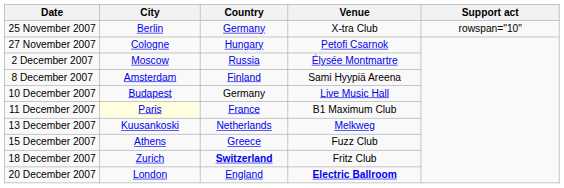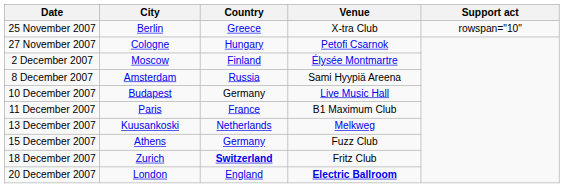 <table class="wikitable plainrowheaders" style="text-align:center;">
 <tr>
 <th scope="col" style="width:12em;">Date</th>
 <th scope="col" style="width:12em;">City</th>
 <th scope="col" style="width:10em;">Country</th>
 <th scope="col" style="width:18em;">Venue</th>
 <th scope="col" style="width:18em;">Support act</th>
 </tr>
 <tr>
 <td style="text-align:center">25 November 2007</td>
 <td style="text-align:center"><a href='#'>Berlin</a></td>
-<td style="text-align:center"><a href='#'>Germany</a></td>
+<td style="text-align:center"><a href='#'>Greece</a></td>
 <td style="text-align:center">X-tra Club</td>
 <td>rowspan="10" </td>
 </tr>
 <tr>
 <td style="text-align:center">27 November 2007</td>
 <td style="text-align:center"><a href='#'>Cologne</a></td>
 <td style="text-align:center"><a href='#'>Hungary</a></td>
 <td style="text-align:center"><a href='#'>Petofi Csarnok</a></td>
 </tr>
 <tr>
 <td style="text-align:center">2 December 2007</td>
 <td style="text-align:center"><a href='#'>Moscow</a></td>
-<td style="text-align:center"><a href='#'>Russia</a></td>
+<td style="text-align:center"><a href='#'>Finland</a></td>
 <td style="text-align:center"><a href='#'>Élysée Montmartre</a></td>
 </tr>
 <tr>
 <td style="text-align:center">8 December 2007</td>
 <td style="text-align:center"><a href='#'>Amsterdam</a></td>
-<td style="text-align:center"><a href='#'>Finland</a></td>
+<td style="text-align:center"><a href='#'>Russia</a></td>
 <td style="text-align:center">Sami Hyypiä Areena</td>
 </tr>
 <tr>
 <td style="text-align:center">10 December 2007</td>
 <td style="text-align:center"><a href='#'>Budapest</a></td>
 <td style="text-align:center">Germany</td>
 <td style="text-align:center"><a href='#'>Live Music Hall</a></td>
 </tr>
 <tr>
 <td style="text-align:center">11 December 2007</td>
-<td style="background: lightyellow; text-align:center"><a href='#'>Paris</a></td>
+<td style="text-align:center"><a href='#'>Paris</a></td>
 <td style="text-align:center"><a href='#'>France</a></td>
 <td style="text-align:center">B1 Maximum Club</td>
 </tr>
 <tr>
 <td style="text-align:center">13 December 2007</td>
 <td style="text-align:center"><a href='#'>Kuusankoski</a></td>
 <td style="text-align:center"><a href='#'>Netherlands</a></td>
 <td style="text-align:center"><a href='#'>Melkweg</a></td>
 </tr>
 <tr>
 <td style="text-align:center">15 December 2007</td>
 <td style="text-align:center"><a href='#'>Athens</a></td>
-<td style="text-align:center"><a href='#'>Greece</a></td>
+<td style="text-align:center"><a href='#'>Germany</a></td>
 <td style="text-align:center">Fuzz Club</td>
 </tr>
 <tr>
 <td style="text-align:center">18 December 2007</td>
 <td style="text-align:center"><a href='#'>Zurich</a></td>
 <td style="text-align:center"><strong><a href='#'>Switzerland</a></strong></td>
 <td style="text-align:center">Fritz Club</td>
 </tr>
 <tr>
 <td style="text-align:center">20 December 2007</td>
 <td style="text-align:center"><a href='#'>London</a></td>
 <td style="text-align:center"><a href='#'>England</a></td>
 <td style="text-align:center"><strong><a href='#'>Electric Ballroom</a></strong></td>
 </tr>
 </table>
